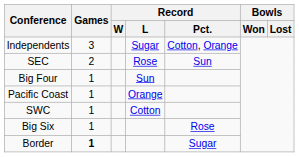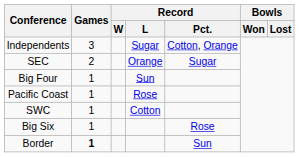 <table class="wikitable sortable" style="text-align:center; font-size: 95%;">
 <tr>
 <th rowspan=2>Conference</th>
 <th rowspan=2>Games</th>
 <th colspan=3>Record</th>
 <th colspan=2>Bowls</th>
 </tr>
 <tr>
 <th>W</th>
 <th>L</th>
 <th>Pct.</th>
 <th class=unsortable>Won</th>
 <th class=unsortable>Lost</th>
 </tr>
 <tr>
 <td>Independents</td>
 <td>3</td>
 <td></td>
 <td><a href='#'>Sugar</a></td>
 <td><a href='#'>Cotton</a>, <a href='#'>Orange</a></td>
 </tr>
 <tr>
 <td>SEC</td>
 <td>2</td>
 <td></td>
-<td><a href='#'>Rose</a></td>
-<td><a href='#'>Sun</a></td>
+<td><a href='#'>Orange</a></td>
+<td><a href='#'>Sugar</a></td>
 </tr>
 <tr>
 <td>Big Four</td>
 <td>1</td>
 <td></td>
 <td><a href='#'>Sun</a></td>
 <td></td>
 </tr>
 <tr>
 <td>Pacific Coast</td>
 <td>1</td>
 <td></td>
-<td><a href='#'>Orange</a></td>
+<td><a href='#'>Rose</a></td>
 <td></td>
 </tr>
 <tr>
 <td>SWC</td>
 <td>1</td>
 <td></td>
 <td><a href='#'>Cotton</a></td>
 <td></td>
 </tr>
 <tr>
 <td>Big Six</td>
 <td>1</td>
 <td></td>
 <td></td>
 <td><a href='#'>Rose</a></td>
 </tr>
 <tr>
 <td>Border</td>
 <td><strong>1</strong></td>
 <td></td>
 <td></td>
-<td><a href='#'>Sugar</a></td>
+<td><a href='#'>Sun</a></td>
 </tr>
 </table>
